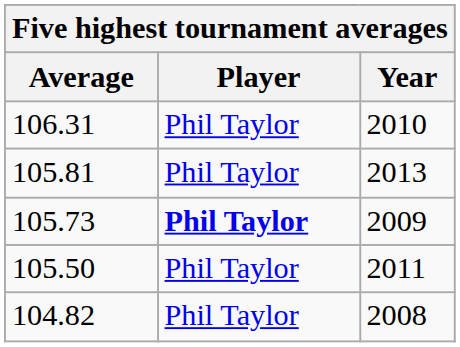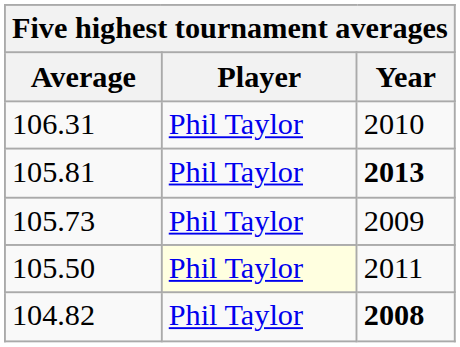 <table class="wikitable sortable">
 <tr>
 <th colspan=5>Five highest tournament averages</th>
 </tr>
 <tr>
 <th>Average</th>
 <th>Player</th>
 <th>Year</th>
 </tr>
 <tr>
 <td>106.31</td>
 <td> <a href='#'>Phil Taylor</a></td>
 <td>2010</td>
 </tr>
 <tr>
 <td>105.81</td>
 <td> <a href='#'>Phil Taylor</a></td>
-<td>2013</td>
+<td><strong>2013</strong></td>
 </tr>
 <tr>
 <td>105.73</td>
-<td><strong> <a href='#'>Phil Taylor</a></strong></td>
+<td> <a href='#'>Phil Taylor</a></td>
 <td>2009</td>
 </tr>
 <tr>
 <td>105.50</td>
-<td> <a href='#'>Phil Taylor</a></td>
+<td style="background: lightyellow;"> <a href='#'>Phil Taylor</a></td>
 <td>2011</td>
 </tr>
 <tr>
 <td>104.82</td>
 <td> <a href='#'>Phil Taylor</a></td>
-<td>2008</td>
+<td><strong>2008</strong></td>
 </tr>
 </table>
